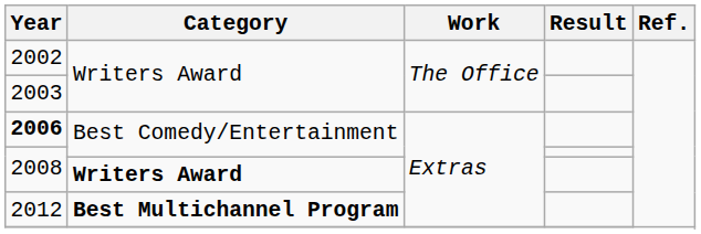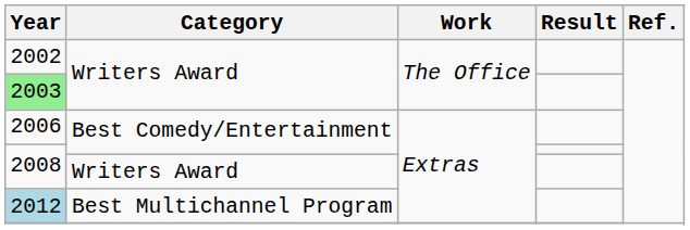 <table class="wikitable">
 <tr>
 <th>Year</th>
 <th>Category</th>
 <th>Work</th>
 <th>Result</th>
 <th>Ref.</th>
 </tr>
 <tr>
 <td>2002</td>
 <td rowspan=2>Writers Award</td>
 <td rowspan=2><em>The Office</em></td>
 <td></td>
 <td rowspan=8></td>
 </tr>
 <tr>
-<td>2003</td>
+<td style="background: lightgreen;">2003</td>
 <td></td>
 </tr>
 <tr>
-<td><strong>2006</strong></td>
+<td>2006</td>
 <td rowspan=2>Best Comedy/Entertainment</td>
 <td rowspan=4><em>Extras</em></td>
 <td></td>
 </tr>
 <tr>
 <td rowspan=2>2008</td>
 <td></td>
 </tr>
 <tr>
-<td><strong>Writers Award</strong></td>
+<td>Writers Award</td>
 <td></td>
 </tr>
 <tr>
-<td>2012</td>
-<td><strong>Best Multichannel Program</strong></td>
+<td style="background: lightblue;">2012</td>
+<td>Best Multichannel Program</td>
 <td></td>
 </tr>
 <tr>
 </tr>
 </table>
